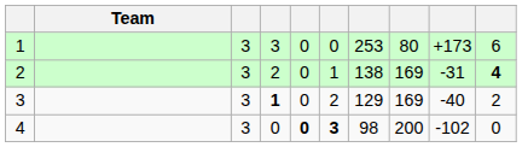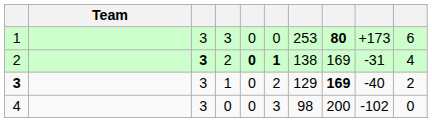 <table class=wikitable style=text-align:center>
 <tr>
 <th width=20 abbr=Position></th>
 <th width=175>Team</th>
 <th width=20 abbr=Played></th>
 <th width=20 abbr=Won></th>
 <th width=20 abbr=Drawn></th>
 <th width=20 abbr=Lost></th>
 <th width=30 abbr=Goal For></th>
 <th width=30 abbr=Goal Against></th>
 <th width=30 abbr=Goal Difference></th>
 <th width=30 abbr=Points></th>
 </tr>
 <tr bgcolor=#CCFFCC>
 <td>1 </td>
 <td align=left></td>
 <td>3</td>
 <td>3</td>
 <td>0</td>
 <td>0</td>
 <td>253</td>
-<td>80</td>
+<td><strong>80</strong></td>
 <td>+173</td>
 <td>6</td>
 </tr>
 <tr bgcolor=#CCFFCC>
 <td>2 </td>
 <td align=left></td>
-<td>3</td>
+<td><strong>3</strong></td>
 <td>2</td>
-<td>0</td>
-<td>1</td>
+<td><strong>0</strong></td>
+<td><strong>1</strong></td>
 <td>138</td>
 <td>169</td>
 <td>-31</td>
-<td><strong>4</strong></td>
+<td>4</td>
 </tr>
 <tr>
-<td>3 </td>
+<td><strong>3 </strong></td>
 <td align=left></td>
 <td>3</td>
-<td><strong>1</strong></td>
+<td>1</td>
 <td>0</td>
 <td>2</td>
 <td>129</td>
-<td>169</td>
+<td><strong>169</strong></td>
 <td>-40</td>
 <td>2</td>
 </tr>
 <tr>
 <td>4 </td>
 <td align=left></td>
 <td>3</td>
 <td>0</td>
-<td><strong>0</strong></td>
-<td><strong>3</strong></td>
+<td>0</td>
+<td>3</td>
 <td>98</td>
 <td>200</td>
 <td>-102</td>
 <td>0</td>
 </tr>
 </table>
